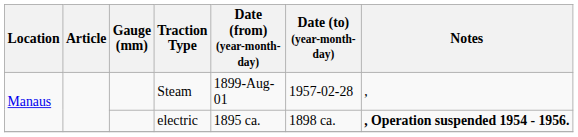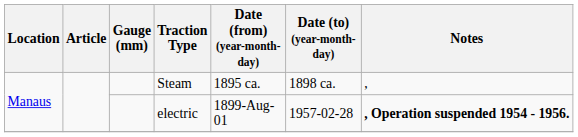 <table class="wikitable sortable">
 <tr>
 <th>Location</th>
 <th>Article</th>
 <th>Gauge<br> (mm)</th>
 <th>Traction<br>Type</th>
 <th width=80px>Date (from)<br><small>(year-month-day)</small></th>
 <th width=80px>Date (to)<br><small>(year-month-day)</small></th>
 <th>Notes</th>
 </tr>
 <tr>
 <td rowspan="2"><a href='#'>Manaus</a></td>
 <td rowspan="2"> </td>
 <td align=right></td>
 <td>Steam</td>
-<td>1899-Aug-01</td>
-<td>1957-02-28</td>
+<td>1895 ca.</td>
+<td>1898 ca.</td>
 <td>, </td>
 </tr>
 <tr>
 <td align=right></td>
 <td>electric</td>
-<td>1895 ca.</td>
-<td>1898 ca.</td>
+<td>1899-Aug-01</td>
+<td>1957-02-28</td>
 <td><strong>,  Operation suspended 1954 - 1956.</strong></td>
 </tr>
 <tr>
 </tr>
 </table>
